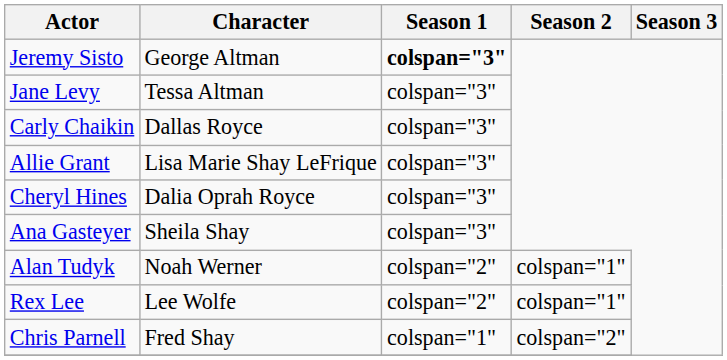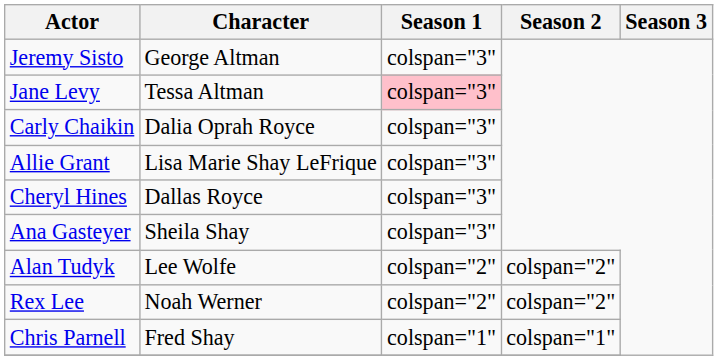 <table class="wikitable">
 <tr>
 <th>Actor</th>
 <th>Character</th>
 <th>Season 1</th>
 <th>Season 2</th>
 <th>Season 3</th>
 </tr>
 <tr>
 <td><a href='#'>Jeremy Sisto</a></td>
 <td>George Altman</td>
-<td><strong>colspan="3" </strong></td>
+<td>colspan="3" </td>
 </tr>
 <tr>
 <td><a href='#'>Jane Levy</a></td>
 <td>Tessa Altman</td>
-<td>colspan="3" </td>
+<td style="background: pink;">colspan="3" </td>
 </tr>
 <tr>
 <td><a href='#'>Carly Chaikin</a></td>
-<td>Dallas Royce</td>
+<td>Dalia Oprah Royce</td>
 <td>colspan="3" </td>
 </tr>
 <tr>
 <td><a href='#'>Allie Grant</a></td>
 <td>Lisa Marie Shay LeFrique</td>
 <td>colspan="3" </td>
 </tr>
 <tr>
 <td><a href='#'>Cheryl Hines</a></td>
-<td>Dalia Oprah Royce</td>
+<td>Dallas Royce</td>
 <td>colspan="3" </td>
 </tr>
 <tr>
 <td><a href='#'>Ana Gasteyer</a></td>
 <td>Sheila Shay</td>
 <td>colspan="3" </td>
 </tr>
 <tr>
 <td><a href='#'>Alan Tudyk</a></td>
-<td>Noah Werner</td>
+<td>Lee Wolfe</td>
 <td>colspan="2" </td>
-<td>colspan="1" </td>
+<td>colspan="2" </td>
 </tr>
 <tr>
 <td><a href='#'>Rex Lee</a></td>
-<td>Lee Wolfe</td>
+<td>Noah Werner</td>
 <td>colspan="2" </td>
-<td>colspan="1" </td>
+<td>colspan="2" </td>
 </tr>
 <tr>
 <td><a href='#'>Chris Parnell</a></td>
 <td>Fred Shay</td>
 <td>colspan="1" </td>
-<td>colspan="2" </td>
+<td>colspan="1" </td>
 </tr>
 <tr>
 </tr>
 </table>
